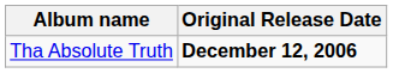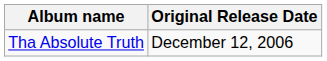 <table class="wikitable">
 <tr>
 <th>Album name</th>
 <th>Original Release Date</th>
 </tr>
 <tr>
 <td><a href='#'>Tha Absolute Truth</a></td>
-<td><strong>December 12, 2006</strong></td>
+<td>December 12, 2006</td>
 </tr>
 </table>
